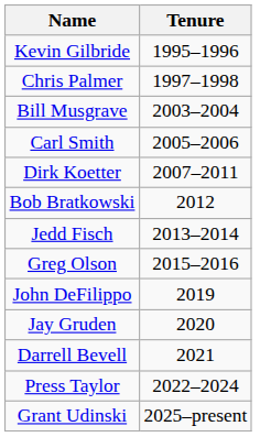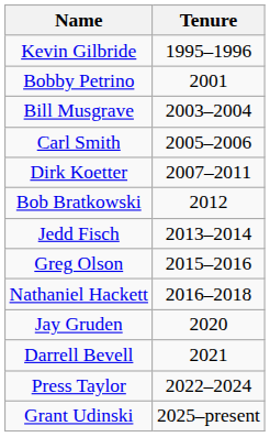 <table class="wikitable" style="text-align:center">
 <tr>
 <th>Name</th>
 <th>Tenure</th>
 </tr>
 <tr>
 <td><a href='#'>Kevin Gilbride</a></td>
 <td>1995–1996</td>
 </tr>
 <tr>
-<td><a href='#'>Chris Palmer</a></td>
-<td>1997–1998</td>
+<td><a href='#'>Bobby Petrino</a></td>
+<td>2001</td>
 </tr>
 <tr>
 <td><a href='#'>Bill Musgrave</a></td>
 <td>2003–2004</td>
 </tr>
 <tr>
 <td><a href='#'>Carl Smith</a></td>
 <td>2005–2006</td>
 </tr>
 <tr>
 <td><a href='#'>Dirk Koetter</a></td>
 <td>2007–2011</td>
 </tr>
 <tr>
 <td><a href='#'>Bob Bratkowski</a></td>
 <td>2012</td>
 </tr>
 <tr>
 <td><a href='#'>Jedd Fisch</a></td>
 <td>2013–2014</td>
 </tr>
 <tr>
 <td><a href='#'>Greg Olson</a></td>
 <td>2015–2016</td>
 </tr>
 <tr>
-<td><a href='#'>John DeFilippo</a></td>
-<td>2019</td>
+<td><a href='#'>Nathaniel Hackett</a></td>
+<td>2016–2018</td>
 </tr>
 <tr>
 <td><a href='#'>Jay Gruden</a></td>
 <td>2020</td>
 </tr>
 <tr>
 <td><a href='#'>Darrell Bevell</a></td>
 <td>2021</td>
 </tr>
 <tr>
 <td><a href='#'>Press Taylor</a></td>
 <td>2022–2024</td>
 </tr>
 <tr>
 <td><a href='#'>Grant Udinski</a></td>
 <td>2025–present</td>
 </tr>
 </table>
